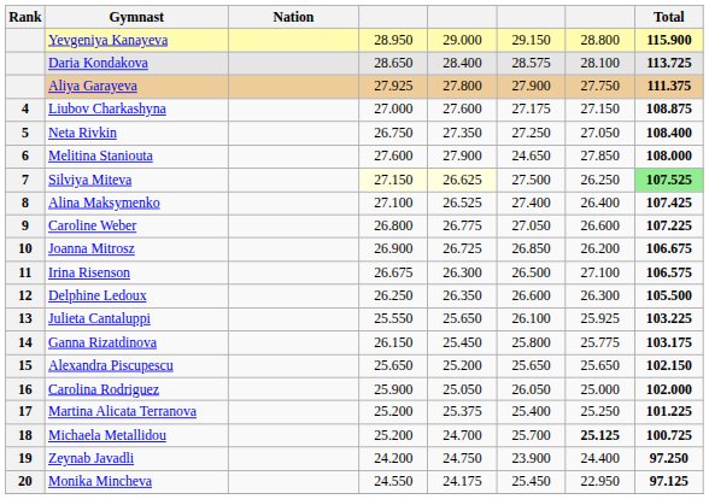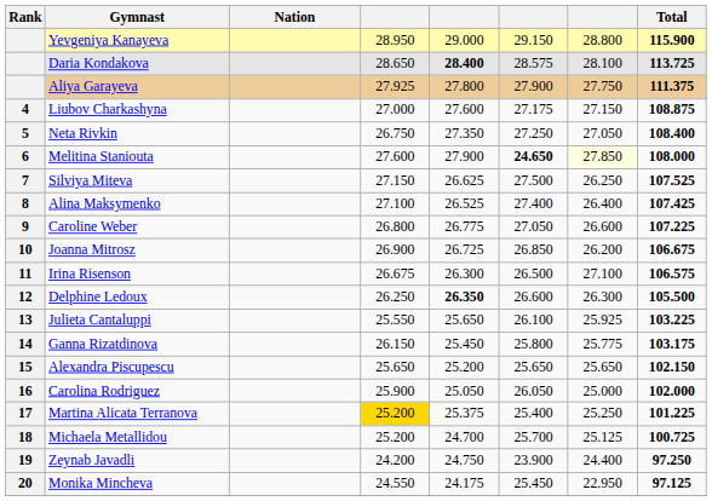 <table class="wikitable sortable" style="text-align:center; font-size:85%">
 <tr>
 <th scope="col" style="width:20px;">Rank</th>
 <th ! scope="col" style="width:170px;">Gymnast</th>
 <th ! scope="col" style="width:120px;">Nation</th>
 <th ! scope="col" style="width:60px;"></th>
 <th ! scope="col" style="width:60px;"></th>
 <th ! scope="col" style="width:60px;"></th>
 <th ! scope="col" style="width:60px;"></th>
 <th ! scope="col" style="width:60px;">Total</th>
 </tr>
 <tr bgcolor=fffcaf>
 <th scope=row></th>
 <td align=left><a href='#'>Yevgeniya Kanayeva</a></td>
 <td style="text-align:left;"></td>
 <td>28.950</td>
 <td>29.000</td>
 <td>29.150</td>
 <td>28.800</td>
 <td><strong>115.900</strong></td>
 </tr>
 <tr bgcolor=e5e5e5>
 <th scope=row></th>
 <td align=left><a href='#'>Daria Kondakova</a></td>
 <td style="text-align:left;"></td>
 <td>28.650</td>
-<td>28.400</td>
+<td><strong>28.400</strong></td>
 <td>28.575</td>
 <td>28.100</td>
 <td><strong>113.725</strong></td>
 </tr>
 <tr bgcolor=eecc99>
 <th scope=row></th>
 <td align=left><a href='#'>Aliya Garayeva</a></td>
 <td style="text-align:left;"></td>
 <td>27.925</td>
 <td>27.800</td>
 <td>27.900</td>
 <td>27.750</td>
 <td><strong>111.375</strong></td>
 </tr>
 <tr>
 <th scope=row>4</th>
 <td align=left><a href='#'>Liubov Charkashyna</a></td>
 <td style="text-align:left;"></td>
 <td>27.000</td>
 <td>27.600</td>
 <td>27.175</td>
 <td>27.150</td>
 <td><strong>108.875</strong></td>
 </tr>
 <tr>
 <th scope=row>5</th>
 <td align=left><a href='#'>Neta Rivkin</a></td>
 <td style="text-align:left;"></td>
 <td>26.750</td>
 <td>27.350</td>
 <td>27.250</td>
 <td>27.050</td>
 <td><strong>108.400</strong></td>
 </tr>
 <tr>
 <th scope=row>6</th>
 <td align=left><a href='#'>Melitina Staniouta</a></td>
 <td style="text-align:left;"></td>
 <td>27.600</td>
 <td>27.900</td>
-<td>24.650</td>
-<td>27.850</td>
+<td><strong>24.650</strong></td>
+<td style="background: lightyellow;">27.850</td>
 <td><strong>108.000</strong></td>
 </tr>
 <tr>
 <th scope=row>7</th>
 <td align=left><a href='#'>Silviya Miteva</a></td>
 <td style="text-align:left;"></td>
-<td style="background: lightyellow;">27.150</td>
-<td style="background: lightyellow;">26.625</td>
+<td>27.150</td>
+<td>26.625</td>
 <td>27.500</td>
 <td>26.250</td>
-<td style="background: lightgreen;"><strong>107.525</strong></td>
+<td><strong>107.525</strong></td>
 </tr>
 <tr>
 <th scope=row>8</th>
 <td align=left><a href='#'>Alina Maksymenko</a></td>
 <td style="text-align:left;"></td>
 <td>27.100</td>
 <td>26.525</td>
 <td>27.400</td>
 <td>26.400</td>
 <td><strong>107.425</strong></td>
 </tr>
 <tr>
 <th scope=row>9</th>
 <td align=left><a href='#'>Caroline Weber</a></td>
 <td style="text-align:left;"></td>
 <td>26.800</td>
 <td>26.775</td>
 <td>27.050</td>
 <td>26.600</td>
 <td><strong>107.225</strong></td>
 </tr>
 <tr>
 <th scope=row>10</th>
 <td align=left><a href='#'>Joanna Mitrosz</a></td>
 <td style="text-align:left;"></td>
 <td>26.900</td>
 <td>26.725</td>
 <td>26.850</td>
 <td>26.200</td>
 <td><strong>106.675</strong></td>
 </tr>
 <tr>
 <th scope=row>11</th>
 <td align=left><a href='#'>Irina Risenson</a></td>
 <td style="text-align:left;"></td>
 <td>26.675</td>
 <td>26.300</td>
 <td>26.500</td>
 <td>27.100</td>
 <td><strong>106.575</strong></td>
 </tr>
 <tr>
 <th scope=row>12</th>
 <td align=left><a href='#'>Delphine Ledoux</a></td>
 <td style="text-align:left;"></td>
 <td>26.250</td>
-<td>26.350</td>
+<td><strong>26.350</strong></td>
 <td>26.600</td>
 <td>26.300</td>
 <td><strong>105.500</strong></td>
 </tr>
 <tr>
 <th scope=row>13</th>
 <td align=left><a href='#'>Julieta Cantaluppi</a></td>
 <td style="text-align:left;"></td>
 <td>25.550</td>
 <td>25.650</td>
 <td>26.100</td>
 <td>25.925</td>
 <td><strong>103.225</strong></td>
 </tr>
 <tr>
 <th scope=row>14</th>
 <td align=left><a href='#'>Ganna Rizatdinova</a></td>
 <td style="text-align:left;"></td>
 <td>26.150</td>
 <td>25.450</td>
 <td>25.800</td>
 <td>25.775</td>
 <td><strong>103.175</strong></td>
 </tr>
 <tr>
 <th scope=row>15</th>
 <td align=left><a href='#'>Alexandra Piscupescu</a></td>
 <td style="text-align:left;"></td>
 <td>25.650</td>
 <td>25.200</td>
 <td>25.650</td>
 <td>25.650</td>
 <td><strong>102.150</strong></td>
 </tr>
 <tr>
 <th scope=row>16</th>
 <td align=left><a href='#'>Carolina Rodriguez</a></td>
 <td style="text-align:left;"></td>
 <td>25.900</td>
 <td>25.050</td>
 <td>26.050</td>
 <td>25.000</td>
 <td><strong>102.000</strong></td>
 </tr>
 <tr>
 <th scope=row>17</th>
 <td align=left><a href='#'>Martina Alicata Terranova</a></td>
 <td style="text-align:left;"></td>
-<td>25.200</td>
+<td style="background: gold;">25.200</td>
 <td>25.375</td>
 <td>25.400</td>
 <td>25.250</td>
 <td><strong>101.225</strong></td>
 </tr>
 <tr>
 <th scope=row>18</th>
 <td align=left><a href='#'>Michaela Metallidou</a></td>
 <td style="text-align:left;"></td>
 <td>25.200</td>
 <td>24.700</td>
 <td>25.700</td>
-<td><strong>25.125</strong></td>
+<td>25.125</td>
 <td><strong>100.725</strong></td>
 </tr>
 <tr>
 <th scope=row>19</th>
 <td align=left><a href='#'>Zeynab Javadli</a></td>
 <td style="text-align:left;"></td>
 <td>24.200</td>
 <td>24.750</td>
 <td>23.900</td>
 <td>24.400</td>
 <td><strong>97.250</strong></td>
 </tr>
 <tr>
 <th scope=row>20</th>
 <td align=left><a href='#'>Monika Mincheva</a></td>
 <td style="text-align:left;"></td>
 <td>24.550</td>
 <td>24.175</td>
 <td>25.450</td>
 <td>22.950</td>
 <td><strong>97.125</strong></td>
 </tr>
 <tr>
 </tr>
 </table>
